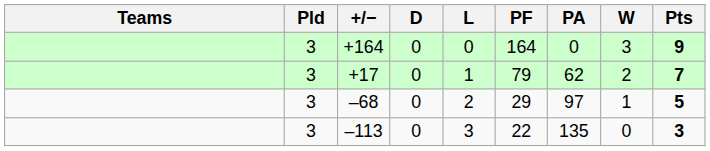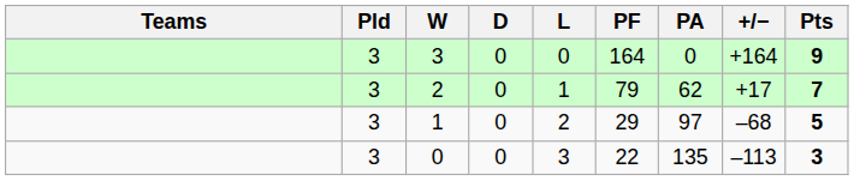 <table class="wikitable" style="text-align: center;">
 <tr>
 <th width="245">Teams</th>
 <th width="40">Pld</th>
-<th width="40">+/−</th>
+<th width="40">W</th>
 <th width="40">D</th>
 <th width="40">L</th>
 <th width="40">PF</th>
 <th width="40">PA</th>
-<th width="40">W</th>
+<th width="40">+/−</th>
 <th width="40">Pts</th>
 </tr>
 <tr bgcolor=ccffcc>
 <td align=left></td>
 <td>3</td>
-<td>+164</td>
+<td>3</td>
 <td>0</td>
 <td>0</td>
 <td>164</td>
 <td>0</td>
-<td>3</td>
+<td>+164</td>
 <td><strong>9</strong></td>
 </tr>
 <tr bgcolor=ccffcc>
 <td align=left></td>
 <td>3</td>
-<td>+17</td>
+<td>2</td>
 <td>0</td>
 <td>1</td>
 <td>79</td>
 <td>62</td>
-<td>2</td>
+<td>+17</td>
 <td><strong>7</strong></td>
 </tr>
 <tr>
 <td align=left></td>
 <td>3</td>
-<td>–68</td>
+<td>1</td>
 <td>0</td>
 <td>2</td>
 <td>29</td>
 <td>97</td>
-<td>1</td>
+<td>–68</td>
 <td><strong>5</strong></td>
 </tr>
 <tr>
 <td align=left></td>
 <td>3</td>
-<td>–113</td>
+<td>0</td>
 <td>0</td>
 <td>3</td>
 <td>22</td>
 <td>135</td>
-<td>0</td>
+<td>–113</td>
 <td><strong>3</strong></td>
 </tr>
 </table>
